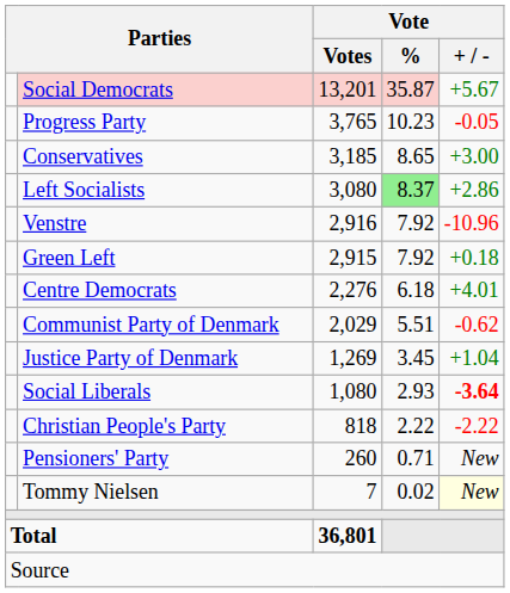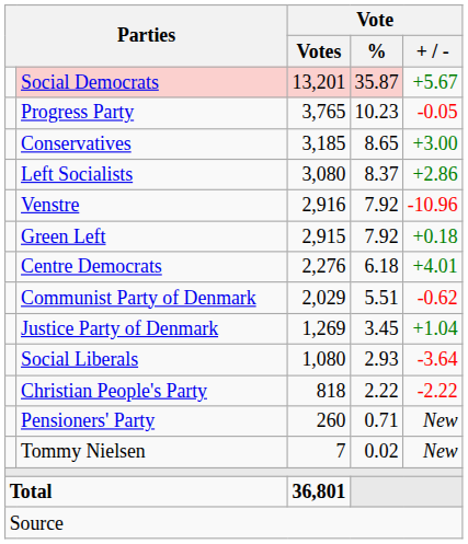 <table class="wikitable" style="text-align:right;">
 <tr>
 <th style="text-align:centre;" rowspan="2" colspan="2" width="225">Parties</th>
 <th colspan="3">Vote</th>
 </tr>
 <tr>
 <th width="15">Votes</th>
 <th width="15">%</th>
 <th width="15">+ / -</th>
 </tr>
 <tr>
 <td width="2" style="color:inherit;background:"></td>
 <td bgcolor=#fbd0ce  align="left"><a href='#'>Social Democrats</a></td>
 <td bgcolor=#fbd0ce>13,201</td>
 <td bgcolor=#fbd0ce>35.87</td>
 <td style=color:green;>+5.67</td>
 </tr>
 <tr>
 <td width="2" style="color:inherit;background:"></td>
 <td align="left"><a href='#'>Progress Party</a></td>
 <td>3,765</td>
 <td>10.23</td>
 <td style=color:red;>-0.05</td>
 </tr>
 <tr>
 <td width="2" style="color:inherit;background:"></td>
 <td align="left"><a href='#'>Conservatives</a></td>
 <td>3,185</td>
 <td>8.65</td>
 <td style=color:green;>+3.00</td>
 </tr>
 <tr>
 <td width="2" style="color:inherit;background:"></td>
 <td align="left"><a href='#'>Left Socialists</a></td>
 <td>3,080</td>
-<td style="background: lightgreen;">8.37</td>
+<td>8.37</td>
 <td style=color:green;>+2.86</td>
 </tr>
 <tr>
 <td width="2" style="color:inherit;background:"></td>
 <td align="left"><a href='#'>Venstre</a></td>
 <td>2,916</td>
 <td>7.92</td>
 <td style=color:red;>-10.96</td>
 </tr>
 <tr>
 <td width="2" style="color:inherit;background:"></td>
 <td align="left"><a href='#'>Green Left</a></td>
 <td>2,915</td>
 <td>7.92</td>
 <td style=color:green;>+0.18</td>
 </tr>
 <tr>
 <td width="2" style="color:inherit;background:"></td>
 <td align="left"><a href='#'>Centre Democrats</a></td>
 <td>2,276</td>
 <td>6.18</td>
 <td style=color:green;>+4.01</td>
 </tr>
 <tr>
 <td width="2" style="color:inherit;background:"></td>
 <td align="left"><a href='#'>Communist Party of Denmark</a></td>
 <td>2,029</td>
 <td>5.51</td>
 <td style=color:red;>-0.62</td>
 </tr>
 <tr>
 <td width="2" style="color:inherit;background:"></td>
 <td align="left"><a href='#'>Justice Party of Denmark</a></td>
 <td>1,269</td>
 <td>3.45</td>
 <td style=color:green;>+1.04</td>
 </tr>
 <tr>
 <td width="2" style="color:inherit;background:"></td>
 <td align="left"><a href='#'>Social Liberals</a></td>
 <td>1,080</td>
 <td>2.93</td>
-<td style=color:red;><strong>-3.64</strong></td>
+<td style=color:red;>-3.64</td>
 </tr>
 <tr>
 <td width="2" style="color:inherit;background:"></td>
 <td align="left"><a href='#'>Christian People's Party</a></td>
 <td>818</td>
 <td>2.22</td>
 <td style=color:red;>-2.22</td>
 </tr>
 <tr>
 <td width="2" style="color:inherit;background:"></td>
 <td align="left"><a href='#'>Pensioners' Party</a></td>
 <td>260</td>
 <td>0.71</td>
 <td><em>New</em></td>
 </tr>
 <tr>
 <td width="2" style="color:inherit;background:"></td>
 <td align="left">Tommy Nielsen</td>
 <td>7</td>
 <td>0.02</td>
-<td style="background: lightyellow;"><em>New</em></td>
+<td><em>New</em></td>
 </tr>
 <tr>
 <td colspan="7" bgcolor="#E9E9E9"></td>
 </tr>
 <tr>
 <td align="left" colspan="2"><strong>Total</strong></td>
 <td><strong>36,801</strong></td>
 <td bgcolor="#E9E9E9" colspan="2"></td>
 </tr>
 <tr>
 <td align="left" colspan="6">Source</td>
 </tr>
 </table>
